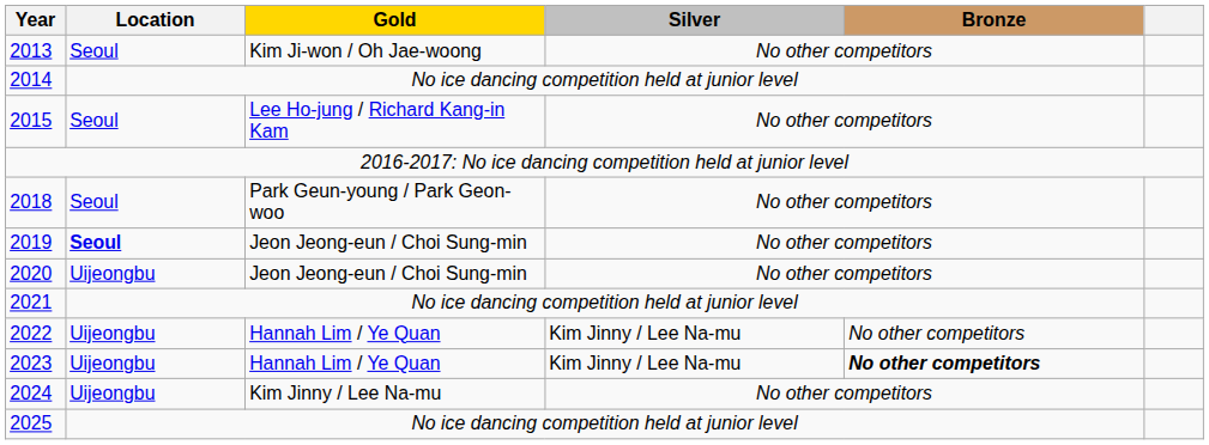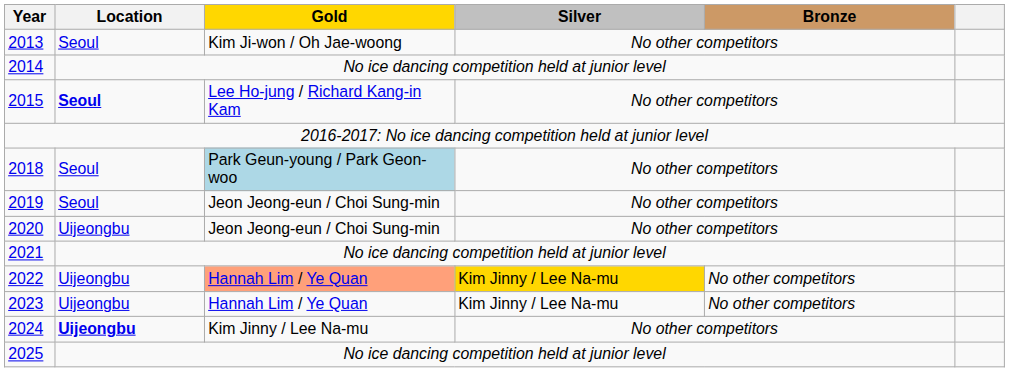 <table class="wikitable unsortable" style="text-align:left; width:80%">
 <tr>
 <th scope="col" style="text-align:center; width:5%">Year</th>
 <th scope="col" style="text-align:center; width:15%">Location</th>
 <th scope="col" style="text-align:center; width:25%; background:gold">Gold</th>
 <th scope="col" style="text-align:center; width:25%; background:silver">Silver</th>
 <th scope="col" style="text-align:center; width:25%; background:#c96">Bronze</th>
 <th scope="col" style="text-align:center; width:5%"></th>
 </tr>
 <tr>
 <td><a href='#'>2013</a></td>
 <td><a href='#'>Seoul</a></td>
 <td>Kim Ji-won / Oh Jae-woong</td>
 <td colspan=2 align=center><em>No other competitors</em></td>
 <td></td>
 </tr>
 <tr>
 <td><a href='#'>2014</a></td>
 <td colspan=4 align=center><em>No ice dancing competition held at junior level</em></td>
 <td></td>
 </tr>
 <tr>
 <td><a href='#'>2015</a></td>
-<td><a href='#'>Seoul</a></td>
+<td><strong><a href='#'>Seoul</a></strong></td>
 <td><a href='#'>Lee Ho-jung</a> / <a href='#'>Richard Kang-in Kam</a></td>
 <td colspan=2 align=center><em>No other competitors</em></td>
 <td></td>
 </tr>
 <tr>
 <td colspan=6 align=center><em>2016-2017: No ice dancing competition held at junior level</em></td>
 </tr>
 <tr>
 <td><a href='#'>2018</a></td>
 <td><a href='#'>Seoul</a></td>
-<td>Park Geun-young / Park Geon-woo</td>
+<td style="background: lightblue;">Park Geun-young / Park Geon-woo</td>
 <td colspan=2 align=center><em>No other competitors</em></td>
 <td></td>
 </tr>
 <tr>
 <td><a href='#'>2019</a></td>
-<td><strong><a href='#'>Seoul</a></strong></td>
+<td><a href='#'>Seoul</a></td>
 <td>Jeon Jeong-eun / Choi Sung-min</td>
 <td colspan=2 align=center><em>No other competitors</em></td>
 <td></td>
 </tr>
 <tr>
 <td><a href='#'>2020</a></td>
 <td><a href='#'>Uijeongbu</a></td>
 <td>Jeon Jeong-eun / Choi Sung-min</td>
 <td colspan=2 align=center><em>No other competitors</em></td>
 <td></td>
 </tr>
 <tr>
 <td><a href='#'>2021</a></td>
 <td colspan=4 align=center><em>No ice dancing competition held at junior level</em></td>
 <td></td>
 </tr>
 <tr>
 <td><a href='#'>2022</a></td>
 <td><a href='#'>Uijeongbu</a></td>
-<td><a href='#'>Hannah Lim</a> / <a href='#'>Ye Quan</a></td>
-<td>Kim Jinny / Lee Na-mu</td>
+<td style="background: lightsalmon;"><a href='#'>Hannah Lim</a> / <a href='#'>Ye Quan</a></td>
+<td style="background: gold;">Kim Jinny / Lee Na-mu</td>
 <td><em>No other competitors</em></td>
 <td></td>
 </tr>
 <tr>
 <td><a href='#'>2023</a></td>
 <td><a href='#'>Uijeongbu</a></td>
 <td><a href='#'>Hannah Lim</a> / <a href='#'>Ye Quan</a></td>
 <td>Kim Jinny / Lee Na-mu</td>
-<td><strong><em>No other competitors</em></strong></td>
+<td><em>No other competitors</em></td>
 <td></td>
 </tr>
 <tr>
 <td><a href='#'>2024</a></td>
-<td><a href='#'>Uijeongbu</a></td>
+<td><strong><a href='#'>Uijeongbu</a></strong></td>
 <td>Kim Jinny / Lee Na-mu</td>
 <td colspan=2 align=center><em>No other competitors</em></td>
 <td></td>
 </tr>
 <tr>
 <td><a href='#'>2025</a></td>
 <td colspan=4 align=center><em>No ice dancing competition held at junior level</em></td>
 <td></td>
 </tr>
 </table>
